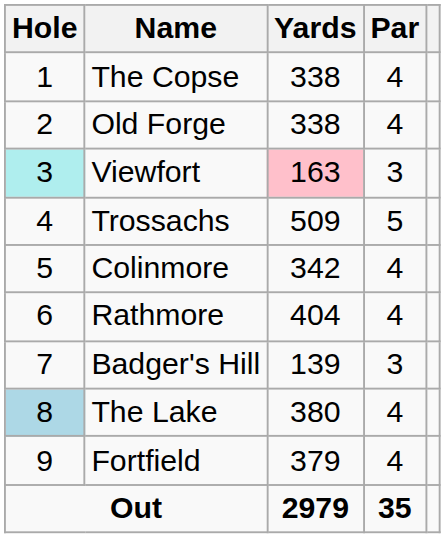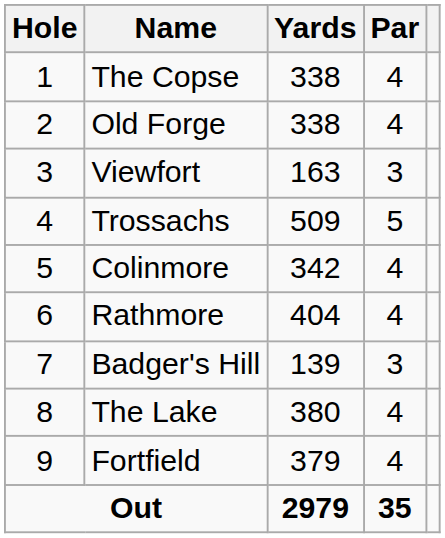 <table class=wikitable style="text-align:center">
 <tr>
 <th>Hole</th>
 <th>Name</th>
 <th>Yards</th>
 <th>Par</th>
 <th></th>
 </tr>
 <tr>
 <td>1</td>
 <td align=left>The Copse</td>
 <td>338</td>
 <td>4</td>
 <td></td>
 </tr>
 <tr>
 <td>2</td>
 <td align=left>Old Forge</td>
 <td>338</td>
 <td>4</td>
 <td></td>
 </tr>
 <tr>
-<td style="background: paleturquoise;">3</td>
+<td>3</td>
 <td align=left>Viewfort</td>
-<td style="background: pink;">163</td>
+<td>163</td>
 <td>3</td>
 <td></td>
 </tr>
 <tr>
 <td>4</td>
 <td align=left>Trossachs</td>
 <td>509</td>
 <td>5</td>
 <td></td>
 </tr>
 <tr>
 <td>5</td>
 <td align=left>Colinmore</td>
 <td>342</td>
 <td>4</td>
 <td></td>
 </tr>
 <tr>
 <td>6</td>
 <td align=left>Rathmore</td>
 <td>404</td>
 <td>4</td>
 <td></td>
 </tr>
 <tr>
 <td>7</td>
 <td align=left>Badger's Hill</td>
 <td>139</td>
 <td>3</td>
 <td></td>
 </tr>
 <tr>
-<td style="background: lightblue;">8</td>
+<td>8</td>
 <td align=left>The Lake</td>
 <td>380</td>
 <td>4</td>
 <td></td>
 </tr>
 <tr>
 <td>9</td>
 <td align=left>Fortfield</td>
 <td>379</td>
 <td>4</td>
 <td></td>
 </tr>
 <tr>
 <td colspan=2><strong>Out</strong></td>
 <td><strong>2979</strong></td>
 <td><strong>35</strong></td>
 <td></td>
 </tr>
 </table>
